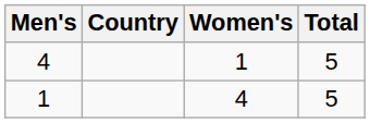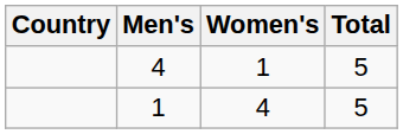 <table class="wikitable sortable" style="text-align:center">
 <tr>
+<th>Country</th>
 <th>Men's</th>
-<th>Country</th>
 <th>Women's</th>
 <th>Total</th>
 </tr>
 <tr>
+<td align="left"></td>
 <td>4</td>
-<td align="left"></td>
 <td>1</td>
 <td>5</td>
 </tr>
 <tr>
+<td align="left"></td>
 <td>1</td>
-<td align="left"></td>
 <td>4</td>
 <td>5</td>
 </tr>
 </table>
